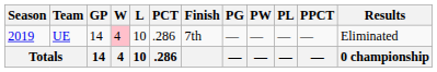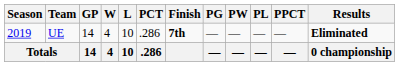 <table class="wikitable">
 <tr>
 <th>Season</th>
 <th>Team</th>
 <th>GP</th>
 <th>W</th>
 <th>L</th>
 <th>PCT</th>
 <th>Finish</th>
 <th>PG</th>
 <th>PW</th>
 <th>PL</th>
 <th>PPCT</th>
 <th>Results</th>
 </tr>
 <tr>
 <td><a href='#'>2019</a></td>
 <td><a href='#'>UE</a></td>
 <td>14</td>
-<td style="background: pink;">4</td>
+<td>4</td>
 <td>10</td>
 <td>.286</td>
-<td>7th</td>
+<td><strong>7th</strong></td>
 <td>—</td>
 <td>—</td>
 <td>—</td>
 <td>—</td>
-<td>Eliminated</td>
+<td><strong>Eliminated</strong></td>
 </tr>
 <tr>
 <th colspan="2">Totals</th>
 <th>14</th>
 <th>4</th>
 <th>10</th>
 <th>.286</th>
 <th></th>
 <th>—</th>
 <th>—</th>
 <th>—</th>
 <th>—</th>
 <th>0 championship</th>
 </tr>
 </table>
